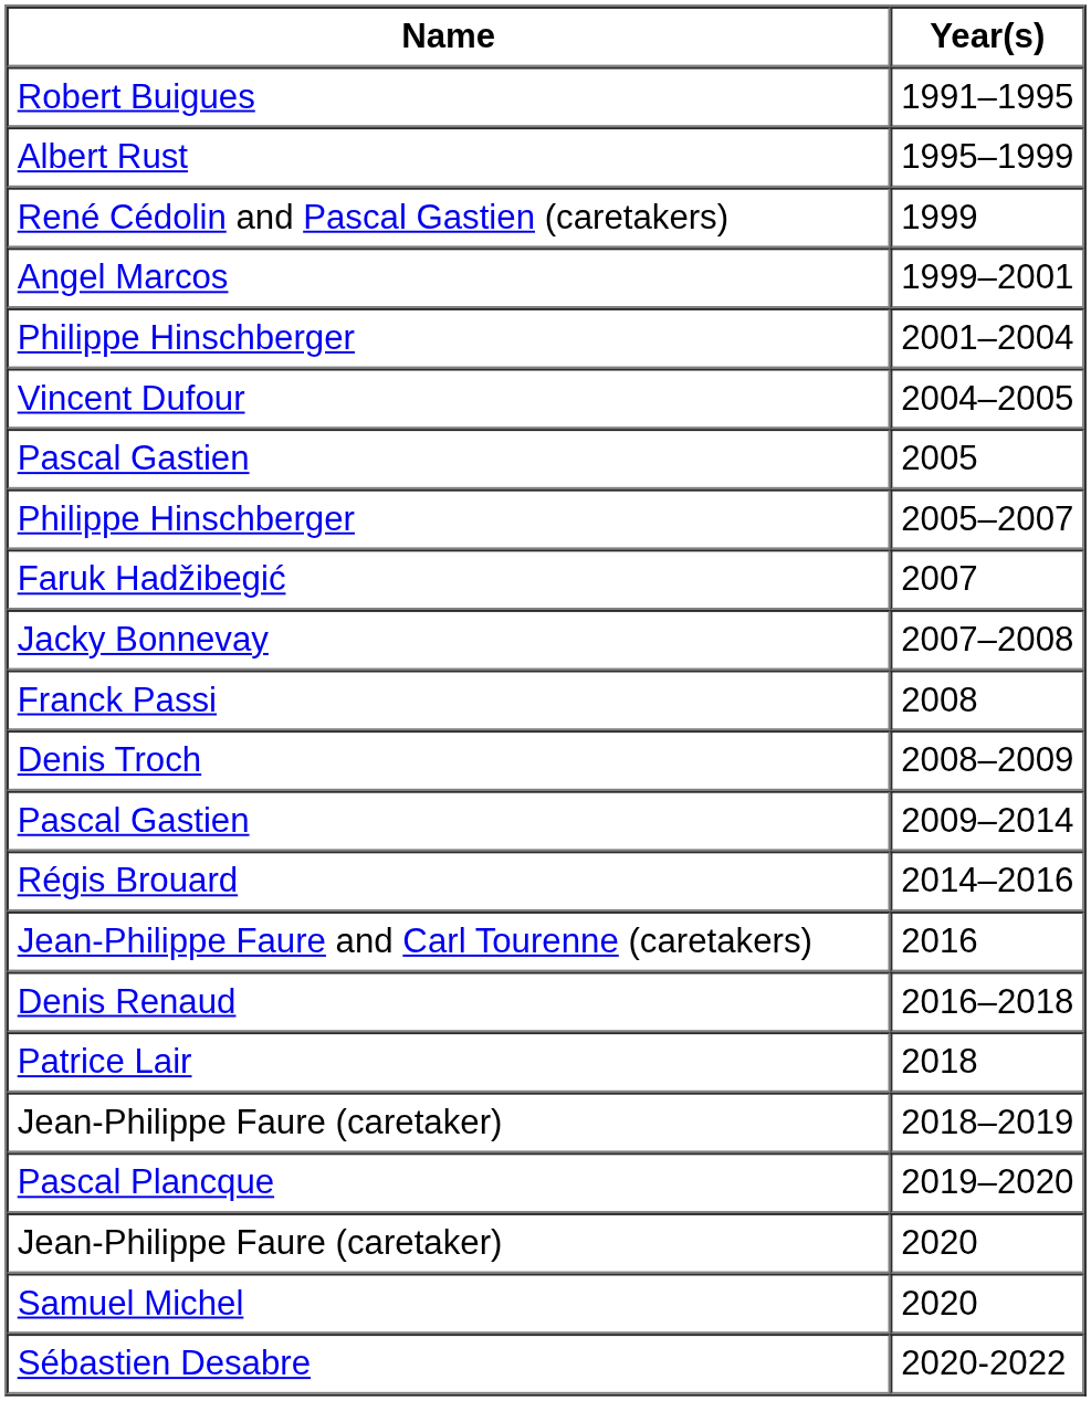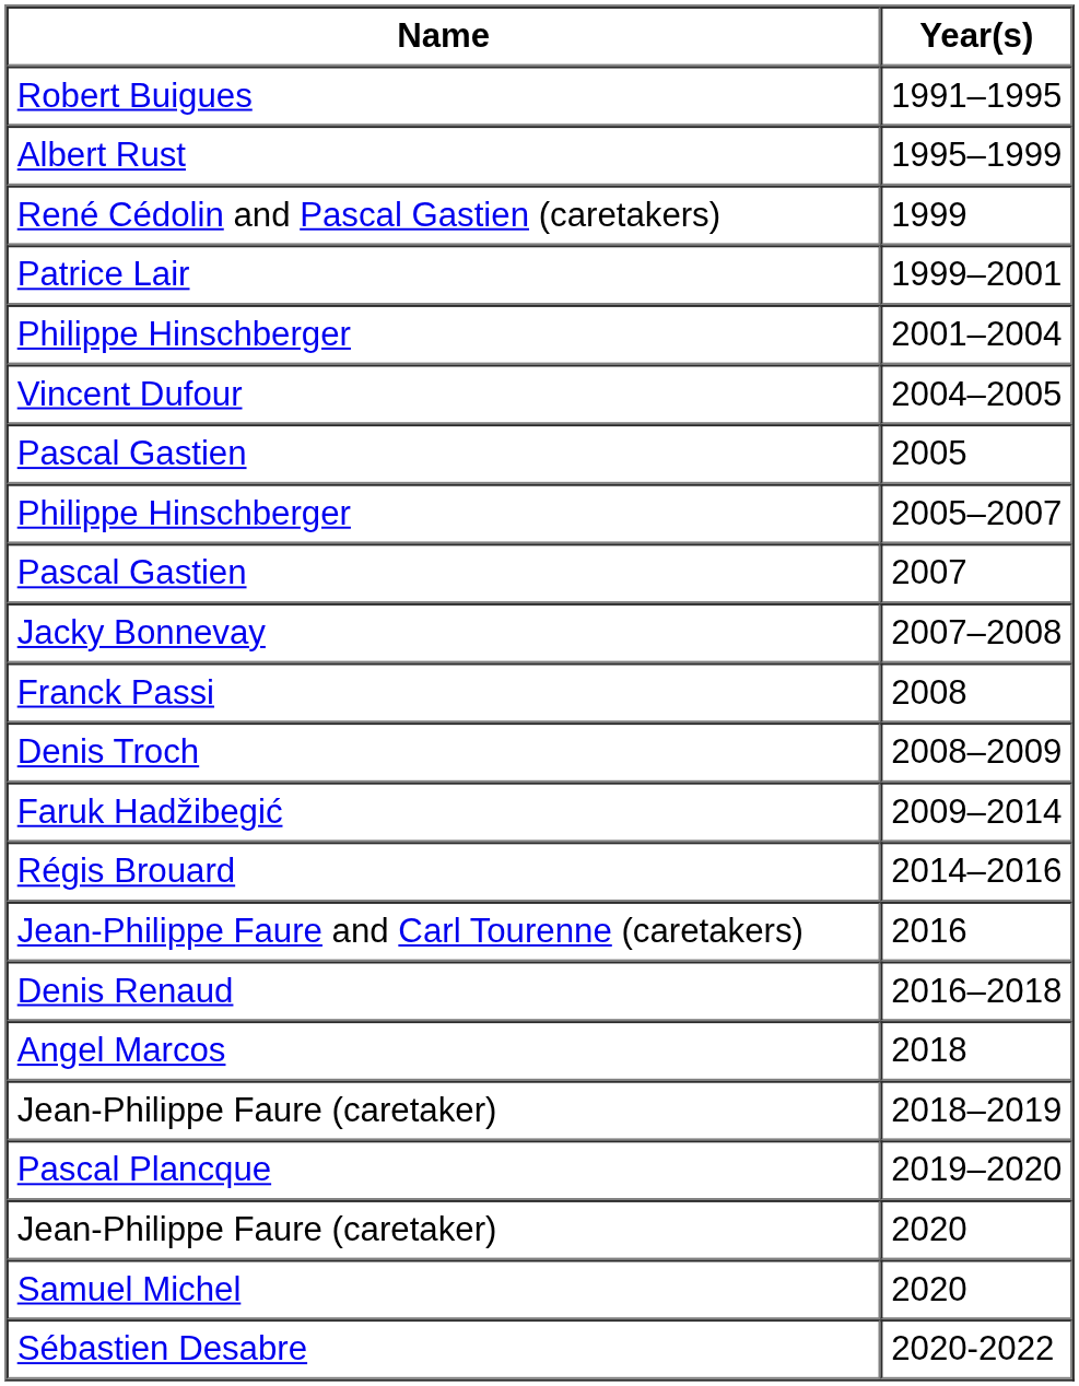 <table style="toccolours" border="1" cellpadding="4" cellspacing="0" style="text-align:center; border-collapse: collapse; margin:0;">
 <tr>
 <th style="width:25em">Name</th>
 <th>Year(s)</th>
 </tr>
 <tr>
 <td><a href='#'>Robert Buigues</a></td>
 <td>1991–1995</td>
 </tr>
 <tr>
 <td><a href='#'>Albert Rust</a></td>
 <td>1995–1999</td>
 </tr>
 <tr>
 <td><a href='#'>René Cédolin</a> and <a href='#'>Pascal Gastien</a> (caretakers)</td>
 <td>1999</td>
 </tr>
 <tr>
-<td><a href='#'>Angel Marcos</a></td>
+<td><a href='#'>Patrice Lair</a></td>
 <td>1999–2001</td>
 </tr>
 <tr>
 <td><a href='#'>Philippe Hinschberger</a></td>
 <td>2001–2004</td>
 </tr>
 <tr>
 <td><a href='#'>Vincent Dufour</a></td>
 <td>2004–2005</td>
 </tr>
 <tr>
 <td><a href='#'>Pascal Gastien</a></td>
 <td>2005</td>
 </tr>
 <tr>
 <td><a href='#'>Philippe Hinschberger</a></td>
 <td>2005–2007</td>
 </tr>
 <tr>
-<td><a href='#'>Faruk Hadžibegić</a></td>
+<td><a href='#'>Pascal Gastien</a></td>
 <td>2007</td>
 </tr>
 <tr>
 <td><a href='#'>Jacky Bonnevay</a></td>
 <td>2007–2008</td>
 </tr>
 <tr>
 <td><a href='#'>Franck Passi</a></td>
 <td>2008</td>
 </tr>
 <tr>
 <td><a href='#'>Denis Troch</a></td>
 <td>2008–2009</td>
 </tr>
 <tr>
-<td><a href='#'>Pascal Gastien</a></td>
+<td><a href='#'>Faruk Hadžibegić</a></td>
 <td>2009–2014</td>
 </tr>
 <tr>
 <td><a href='#'>Régis Brouard</a></td>
 <td>2014–2016</td>
 </tr>
 <tr>
 <td><a href='#'>Jean-Philippe Faure</a> and <a href='#'>Carl Tourenne</a> (caretakers)</td>
 <td>2016</td>
 </tr>
 <tr>
 <td><a href='#'>Denis Renaud</a></td>
 <td>2016–2018</td>
 </tr>
 <tr>
-<td><a href='#'>Patrice Lair</a></td>
+<td><a href='#'>Angel Marcos</a></td>
 <td>2018</td>
 </tr>
 <tr>
 <td>Jean-Philippe Faure (caretaker)</td>
 <td>2018–2019</td>
 </tr>
 <tr>
 <td><a href='#'>Pascal Plancque</a></td>
 <td>2019–2020</td>
 </tr>
 <tr>
 <td>Jean-Philippe Faure (caretaker)</td>
 <td>2020</td>
 </tr>
 <tr>
 <td><a href='#'>Samuel Michel</a></td>
 <td>2020</td>
 </tr>
 <tr>
 <td><a href='#'>Sébastien Desabre</a></td>
 <td>2020-2022</td>
 </tr>
 </table>
